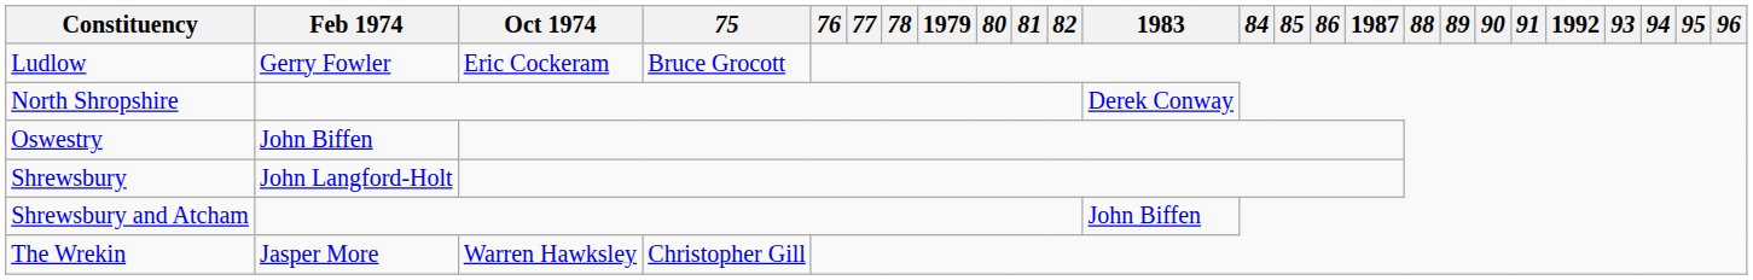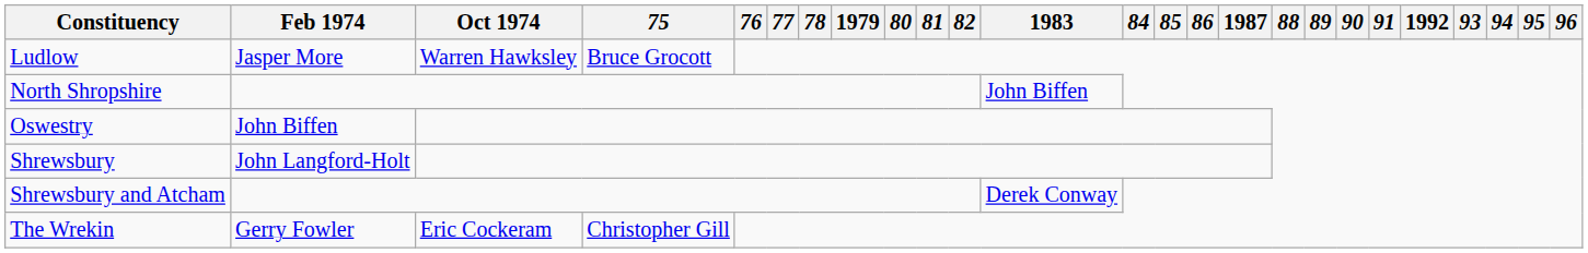 <table class="wikitable">
 <tr>
 <th>Constituency</th>
 <th>Feb 1974</th>
 <th>Oct 1974</th>
 <th><em>75</em></th>
 <th><em>76</em></th>
 <th><em>77</em></th>
 <th><em>78</em></th>
 <th>1979</th>
 <th><em>80</em></th>
 <th><em>81</em></th>
 <th><em>82</em></th>
 <th>1983</th>
 <th><em>84</em></th>
 <th><em>85</em></th>
 <th><em>86</em></th>
 <th>1987</th>
 <th><em>88</em></th>
 <th><em>89</em></th>
 <th><em>90</em></th>
 <th><em>91</em></th>
 <th>1992</th>
 <th><em>93</em></th>
 <th><em>94</em></th>
 <th><em>95</em></th>
 <th><em>96</em></th>
 </tr>
 <tr>
 <td><a href='#'>Ludlow</a></td>
-<td><a href='#'>Gerry Fowler</a></td>
-<td><a href='#'>Eric Cockeram</a></td>
+<td><a href='#'>Jasper More</a></td>
+<td><a href='#'>Warren Hawksley</a></td>
 <td><a href='#'>Bruce Grocott</a></td>
 </tr>
 <tr>
 <td><a href='#'>North Shropshire</a></td>
 <td colspan=10></td>
-<td><a href='#'>Derek Conway</a></td>
+<td><a href='#'>John Biffen</a></td>
 </tr>
 <tr>
 <td><a href='#'>Oswestry</a></td>
 <td><a href='#'>John Biffen</a></td>
 <td colspan=14></td>
 </tr>
 <tr>
 <td><a href='#'>Shrewsbury</a></td>
 <td><a href='#'>John Langford-Holt</a></td>
 <td colspan=14></td>
 </tr>
 <tr>
 <td><a href='#'>Shrewsbury and Atcham</a></td>
 <td colspan=10></td>
-<td><a href='#'>John Biffen</a></td>
+<td><a href='#'>Derek Conway</a></td>
 </tr>
 <tr>
 <td><a href='#'>The Wrekin</a></td>
-<td><a href='#'>Jasper More</a></td>
-<td><a href='#'>Warren Hawksley</a></td>
+<td><a href='#'>Gerry Fowler</a></td>
+<td><a href='#'>Eric Cockeram</a></td>
 <td><a href='#'>Christopher Gill</a></td>
 </tr>
 </table>
